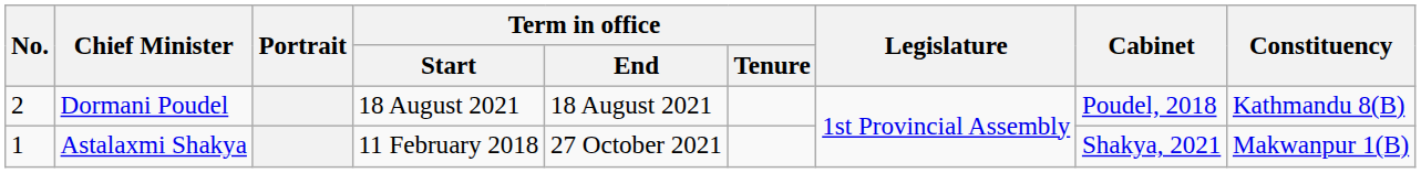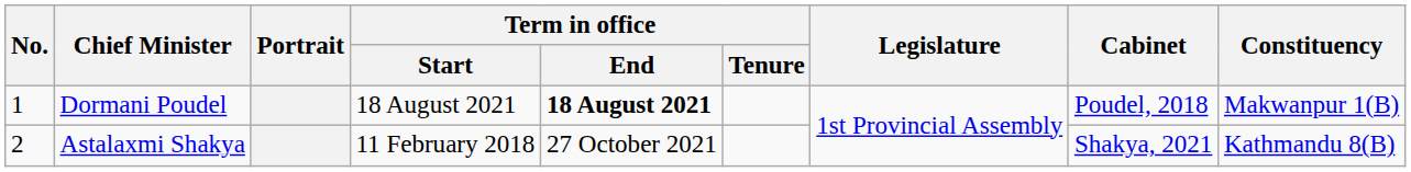 <table class="wikitable">
 <tr>
 <th rowspan="2" style="background-color:">No.</th>
 <th rowspan="2" style="background-color:">Chief Minister</th>
 <th rowspan="2" style="background-color:">Portrait</th>
 <th colspan="3" style="background-color:">Term in office</th>
 <th rowspan="2" style="background-color:">Legislature</th>
 <th rowspan="2" style="background-color:">Cabinet</th>
 <th rowspan="2" style="background-color:">Constituency</th>
 </tr>
 <tr>
 <th style="background-color:">Start</th>
 <th style="background-color:">End</th>
 <th style="background-color:">Tenure</th>
 </tr>
 <tr>
-<td>2</td>
+<td>1</td>
 <td><a href='#'>Dormani Poudel</a></td>
 <th></th>
 <td>18 August 2021</td>
-<td>18 August 2021</td>
+<td><strong>18 August 2021</strong></td>
 <td></td>
 <td rowspan="2"><a href='#'>1st Provincial Assembly</a></td>
 <td><a href='#'>Poudel, 2018</a></td>
-<td><a href='#'>Kathmandu 8(B)</a></td>
+<td><a href='#'>Makwanpur 1(B)</a></td>
 </tr>
 <tr>
-<td>1</td>
+<td>2</td>
 <td><a href='#'>Astalaxmi Shakya</a></td>
 <th></th>
 <td>11 February 2018</td>
 <td>27 October 2021</td>
 <td></td>
 <td><a href='#'>Shakya, 2021</a></td>
-<td><a href='#'>Makwanpur 1(B)</a></td>
+<td><a href='#'>Kathmandu 8(B)</a></td>
 </tr>
 </table>
